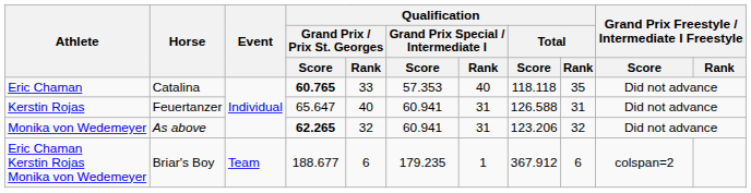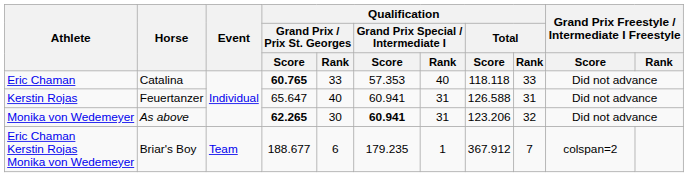 <table class=wikitable style=font-size:90%;text-align:center>
 <tr>
 <th rowspan=3>Athlete</th>
 <th rowspan=3>Horse</th>
 <th rowspan=3>Event</th>
 <th colspan=6>Qualification</th>
 <th colspan=2 rowspan=2>Grand Prix Freestyle /<br>Intermediate I Freestyle</th>
 </tr>
 <tr style=font-size:95%>
 <th colspan=2>Grand Prix /<br>Prix St. Georges</th>
 <th colspan=2>Grand Prix Special /<br>Intermediate I</th>
 <th colspan=2>Total</th>
 </tr>
 <tr style=font-size:95%>
 <th>Score</th>
 <th>Rank</th>
 <th>Score</th>
 <th>Rank</th>
 <th>Score</th>
 <th>Rank</th>
 <th>Score</th>
 <th>Rank</th>
 </tr>
 <tr>
 <td align=left><a href='#'>Eric Chaman</a></td>
 <td align=left>Catalina</td>
 <td align=left rowspan=3><a href='#'>Individual</a></td>
 <td><strong>60.765</strong></td>
 <td>33</td>
 <td>57.353</td>
 <td>40</td>
 <td>118.118</td>
-<td>35</td>
+<td>33</td>
 <td colspan=2>Did not advance</td>
 </tr>
 <tr>
 <td align=left><a href='#'>Kerstin Rojas</a></td>
 <td align=left>Feuertanzer</td>
 <td>65.647</td>
 <td>40</td>
 <td>60.941</td>
 <td>31</td>
 <td>126.588</td>
 <td>31</td>
 <td colspan=2>Did not advance</td>
 </tr>
 <tr>
 <td align=left><a href='#'>Monika von Wedemeyer</a></td>
 <td align=left><em>As above</em></td>
 <td><strong>62.265</strong></td>
-<td>32</td>
-<td>60.941</td>
+<td>30</td>
+<td><strong>60.941</strong></td>
 <td>31</td>
 <td>123.206</td>
 <td>32</td>
 <td colspan=2>Did not advance</td>
 </tr>
 <tr>
 <td align=left><a href='#'>Eric Chaman</a><br><a href='#'>Kerstin Rojas</a><br><a href='#'>Monika von Wedemeyer</a></td>
 <td align=left>Briar's Boy</td>
 <td align=left><a href='#'>Team</a></td>
 <td>188.677</td>
 <td>6</td>
 <td>179.235</td>
 <td>1</td>
 <td>367.912</td>
-<td>6</td>
+<td>7</td>
 <td>colspan=2 </td>
 </tr>
 </table>
